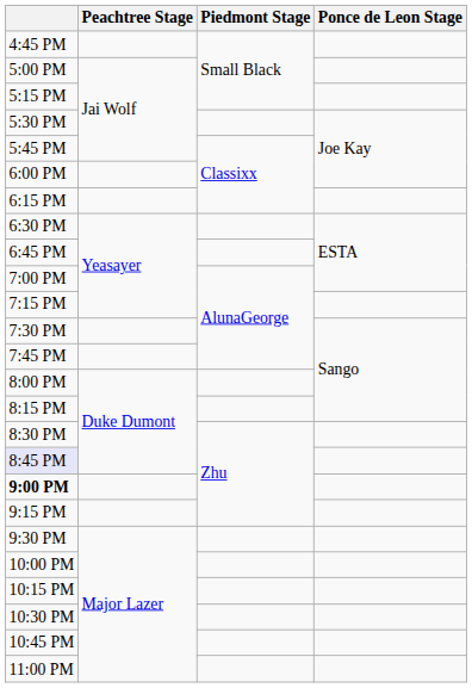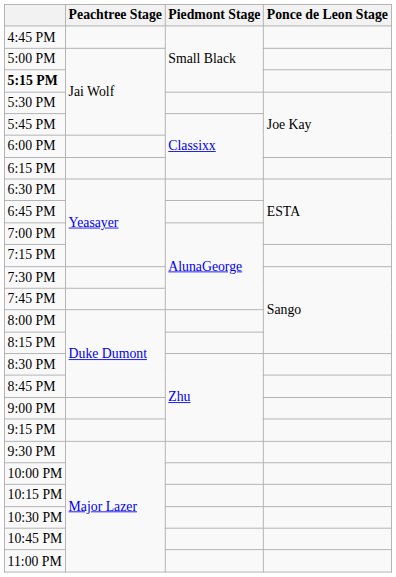 <table class="wikitable">
 <tr>
 <th></th>
 <th>Peachtree Stage</th>
 <th>Piedmont Stage</th>
 <th>Ponce de Leon Stage</th>
 </tr>
 <tr>
 <td>4:45 PM</td>
 <td></td>
 <td rowspan="3">Small Black</td>
 <td></td>
 </tr>
 <tr>
 <td>5:00 PM</td>
 <td rowspan="4">Jai Wolf</td>
 <td></td>
 </tr>
 <tr>
-<td>5:15 PM</td>
+<td><strong>5:15 PM</strong></td>
 <td></td>
 </tr>
 <tr>
 <td>5:30 PM</td>
 <td></td>
 <td rowspan="3">Joe Kay</td>
 </tr>
 <tr>
 <td>5:45 PM</td>
 <td rowspan="3"><a href='#'>Classixx</a></td>
 </tr>
 <tr>
 <td>6:00 PM</td>
 <td></td>
 </tr>
 <tr>
 <td>6:15 PM</td>
 <td></td>
 <td></td>
 </tr>
 <tr>
 <td>6:30 PM</td>
 <td rowspan="4"><a href='#'>Yeasayer</a></td>
 <td></td>
 <td rowspan="3">ESTA</td>
 </tr>
 <tr>
 <td>6:45 PM</td>
 <td></td>
 </tr>
 <tr>
 <td>7:00 PM</td>
 <td rowspan="4"><a href='#'>AlunaGeorge</a></td>
 </tr>
 <tr>
 <td>7:15 PM</td>
 <td></td>
 </tr>
 <tr>
 <td>7:30 PM</td>
 <td></td>
 <td rowspan="4">Sango</td>
 </tr>
 <tr>
 <td>7:45 PM</td>
 <td></td>
 </tr>
 <tr>
 <td>8:00 PM</td>
 <td rowspan="4"><a href='#'>Duke Dumont</a></td>
 <td></td>
 </tr>
 <tr>
 <td>8:15 PM</td>
 <td></td>
 </tr>
 <tr>
 <td>8:30 PM</td>
 <td rowspan="4"><a href='#'>Zhu</a></td>
 <td></td>
 </tr>
 <tr>
-<td style="background: lavender;">8:45 PM</td>
+<td>8:45 PM</td>
 <td></td>
 </tr>
 <tr>
-<td><strong>9:00 PM</strong></td>
+<td>9:00 PM</td>
 <td></td>
 <td></td>
 </tr>
 <tr>
 <td>9:15 PM</td>
 <td></td>
 <td></td>
 </tr>
 <tr>
 <td>9:30 PM</td>
 <td rowspan="6"><a href='#'>Major Lazer</a></td>
 <td></td>
 <td></td>
 </tr>
 <tr>
 <td>10:00 PM</td>
 <td></td>
 <td></td>
 </tr>
 <tr>
 <td>10:15 PM</td>
 <td></td>
 <td></td>
 </tr>
 <tr>
 <td>10:30 PM</td>
 <td></td>
 <td></td>
 </tr>
 <tr>
 <td>10:45 PM</td>
 <td></td>
 <td></td>
 </tr>
 <tr>
 <td>11:00 PM</td>
 <td></td>
 <td></td>
 </tr>
 </table>
